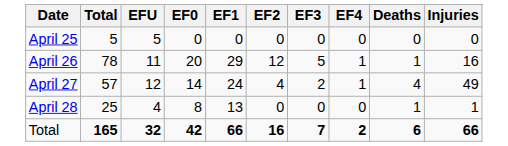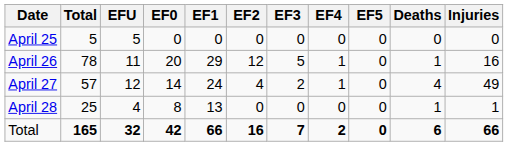 <table class="wikitable sortable" style="margin: 1em auto 1em auto;">
 <tr>
 <th scope="col">Date</th>
 <th scope="col" style="text-align:center;">Total</th>
 <th scope="col" style="text-align:center;"> EFU </th>
 <th scope="col" style="text-align:center;"> EF0 </th>
 <th scope="col" style="text-align:center;"> EF1 </th>
 <th scope="col" style="text-align:center;"> EF2 </th>
 <th scope="col" style="text-align:center;"> EF3 </th>
 <th scope="col" style="text-align:center;"> EF4 </th>
+<th scope="col" style="text-align:center;"> EF5 </th>
 <th scope="col" style="text-align:center;">Deaths</th>
 <th scope="col" style="text-align:center;">Injuries</th>
 </tr>
 <tr>
 <td><a href='#'>April 25</a></td>
 <td align="right">5</td>
 <td align="right">5</td>
+<td align="right">0</td>
 <td align="right">0</td>
 <td align="right">0</td>
 <td align="right">0</td>
 <td align="right">0</td>
 <td align="right">0</td>
 <td align="right">0</td>
 <td align="right">0</td>
 </tr>
 <tr>
 <td><a href='#'>April 26</a></td>
 <td align="right">78</td>
 <td align="right">11</td>
 <td align="right">20</td>
 <td align="right">29</td>
 <td align="right">12</td>
 <td align="right">5</td>
 <td align="right">1</td>
+<td align="right">0</td>
 <td align="right">1</td>
 <td align="right">16</td>
 </tr>
 <tr>
 <td><a href='#'>April 27</a></td>
 <td align="right">57</td>
 <td align="right">12</td>
 <td align="right">14</td>
 <td align="right">24</td>
 <td align="right">4</td>
 <td align="right">2</td>
 <td align="right">1</td>
+<td align="right">0</td>
 <td align="right">4</td>
 <td align="right">49</td>
 </tr>
 <tr>
 <td><a href='#'>April 28</a></td>
 <td align="right">25</td>
 <td align="right">4</td>
 <td align="right">8</td>
 <td align="right">13</td>
+<td align="right">0</td>
 <td align="right">0</td>
 <td align="right">0</td>
 <td align="right">0</td>
 <td align="right">1</td>
 <td align="right">1</td>
 </tr>
 <tr class="sortbottom">
 <td>Total</td>
 <td align="right"><strong>165</strong></td>
 <td align="right"><strong>32</strong></td>
 <td align="right"><strong>42</strong></td>
 <td align="right"><strong>66</strong></td>
 <td align="right"><strong>16</strong></td>
 <td align="right"><strong>7</strong></td>
 <td align="right"><strong>2</strong></td>
+<td align="right"><strong>0</strong></td>
 <td style="text-align:right;"><strong>6</strong></td>
 <td style="text-align:right;"><strong>66</strong></td>
 </tr>
 </table>
